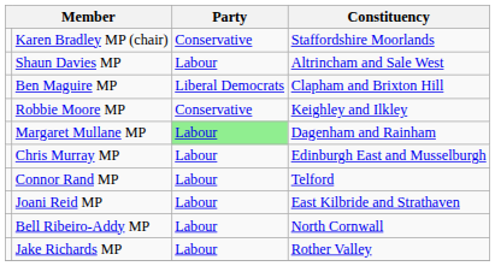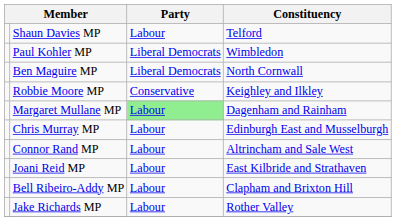 <table class="wikitable">
 <tr>
 <th colspan="2" valign="top">Member</th>
 <th valign="top">Party</th>
 <th valign="top">Constituency</th>
 </tr>
 <tr>
 <td style="color:inherit;background:"></td>
-<td><a href='#'>Karen Bradley</a> MP (chair)</td>
-<td><a href='#'>Conservative</a></td>
-<td><a href='#'>Staffordshire Moorlands</a></td>
+<td><a href='#'>Shaun Davies</a> MP</td>
+<td><a href='#'>Labour</a></td>
+<td><a href='#'>Telford</a></td>
 </tr>
 <tr>
-<td style="color:inherit;background:"></td>
-<td><a href='#'>Shaun Davies</a> MP</td>
-<td><a href='#'>Labour</a></td>
-<td><a href='#'>Altrincham and Sale West</a></td>
+<td></td>
+<td><a href='#'>Paul Kohler</a> MP</td>
+<td><a href='#'>Liberal Democrats</a></td>
+<td><a href='#'>Wimbledon</a></td>
 </tr>
 <tr>
 <td></td>
 <td><a href='#'>Ben Maguire</a> MP</td>
 <td><a href='#'>Liberal Democrats</a></td>
-<td><a href='#'>Clapham and Brixton Hill</a></td>
+<td><a href='#'>North Cornwall</a></td>
 </tr>
 <tr>
 <td style="color:inherit;background:"></td>
 <td><a href='#'>Robbie Moore</a> MP</td>
 <td><a href='#'>Conservative</a></td>
 <td><a href='#'>Keighley and Ilkley</a></td>
 </tr>
 <tr>
 <td style="color:inherit;background:"></td>
 <td><a href='#'>Margaret Mullane</a> MP</td>
 <td style="background: lightgreen;"><a href='#'>Labour</a></td>
 <td><a href='#'>Dagenham and Rainham</a></td>
 </tr>
 <tr>
 <td style="color:inherit;background:"></td>
 <td><a href='#'>Chris Murray</a> MP</td>
 <td><a href='#'>Labour</a></td>
 <td><a href='#'>Edinburgh East and Musselburgh</a></td>
 </tr>
 <tr>
 <td style="color:inherit;background:"></td>
 <td><a href='#'>Connor Rand</a> MP</td>
 <td><a href='#'>Labour</a></td>
-<td><a href='#'>Telford</a></td>
+<td><a href='#'>Altrincham and Sale West</a></td>
 </tr>
 <tr>
 <td style="color:inherit;background:"></td>
 <td><a href='#'>Joani Reid</a> MP</td>
 <td><a href='#'>Labour</a></td>
 <td><a href='#'>East Kilbride and Strathaven</a></td>
 </tr>
 <tr>
 <td style="color:inherit;background:"></td>
 <td><a href='#'>Bell Ribeiro-Addy</a> MP</td>
 <td><a href='#'>Labour</a></td>
-<td><a href='#'>North Cornwall</a></td>
+<td><a href='#'>Clapham and Brixton Hill</a></td>
 </tr>
 <tr>
 <td style="color:inherit;background:"></td>
 <td><a href='#'>Jake Richards</a> MP</td>
 <td><a href='#'>Labour</a></td>
 <td><a href='#'>Rother Valley</a></td>
 </tr>
 <tr>
 </tr>
 </table>
